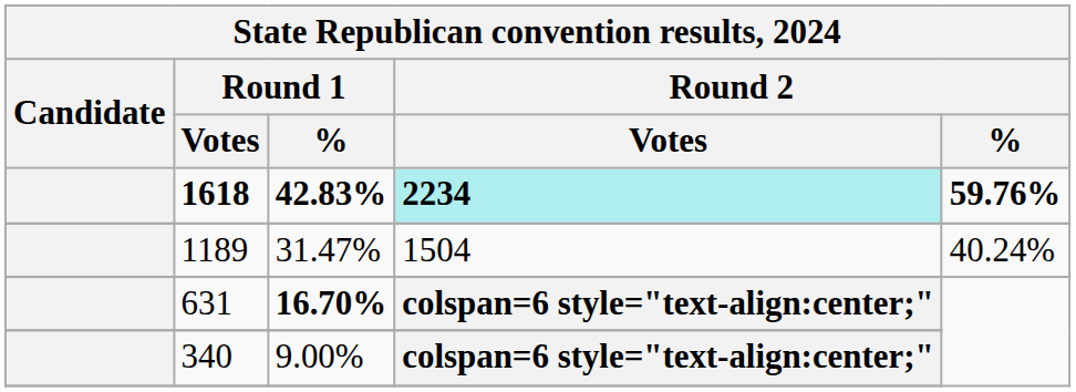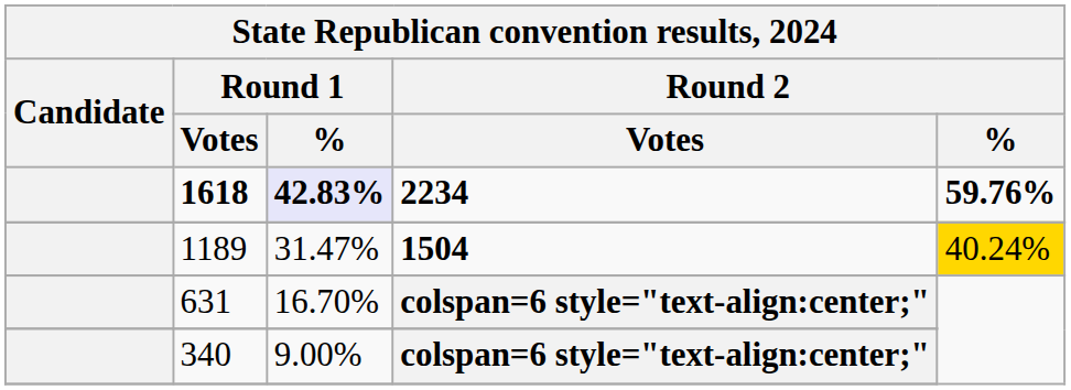 <table class="wikitable sortable">
 <tr>
 <th colspan="5" >State Republican convention results, 2024</th>
 </tr>
 <tr style="background:#eee; text-align:center;">
 <th rowspan=2 style="text-align:center;">Candidate</th>
 <th colspan=2 style="text-align:center;">Round 1</th>
 <th colspan=2 style="text-align:center;">Round 2</th>
 </tr>
 <tr>
 <th>Votes</th>
 <th>%</th>
 <th>Votes</th>
 <th>%</th>
 </tr>
 <tr>
 <th scope="row" style="text-align:left;"></th>
 <td><strong>1618</strong></td>
-<td><strong>42.83%</strong></td>
-<td style="background: paleturquoise;"><strong>2234</strong></td>
+<td style="background: lavender;"><strong>42.83%</strong></td>
+<td><strong>2234</strong></td>
 <td><strong>59.76%</strong></td>
 </tr>
 <tr>
 </tr>
 <tr>
 <th scope="row" style="text-align:left;"></th>
 <td>1189</td>
 <td>31.47%</td>
-<td>1504</td>
-<td>40.24%</td>
+<td><strong>1504</strong></td>
+<td style="background: gold;">40.24%</td>
 </tr>
 <tr>
 </tr>
 <tr>
 <th scope="row" style="text-align:left;"></th>
 <td>631</td>
-<td><strong>16.70%</strong></td>
+<td>16.70%</td>
 <th>colspan=6 style="text-align:center;" </th>
 </tr>
 <tr>
 </tr>
 <tr>
 <th scope="row" style="text-align:left;"></th>
 <td>340</td>
 <td>9.00%</td>
 <th>colspan=6 style="text-align:center;" </th>
 </tr>
 <tr>
 </tr>
 </table>
